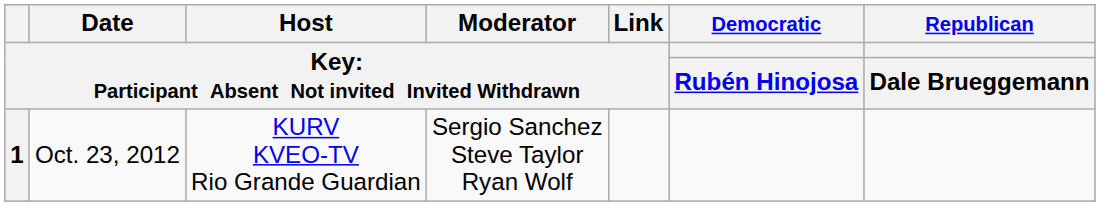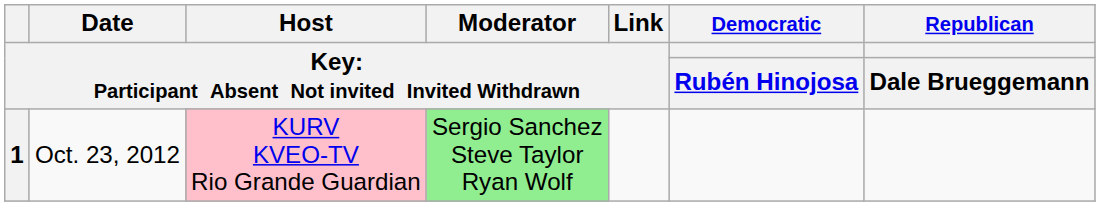 <table class="wikitable" style="text-align:center;">
 <tr>
 <th scope="col"></th>
 <th scope="col">Date</th>
 <th scope="col">Host</th>
 <th scope="col">Moderator</th>
 <th scope="col">Link</th>
 <th scope="col"><small><a href='#'>Democratic</a></small></th>
 <th scope="col"><small><a href='#'>Republican</a></small></th>
 </tr>
 <tr>
 <th colspan="5" rowspan="2">Key:<br> <small>Participant </small>  <small>Absent </small>  <small>Not invited </small>  <small>Invited  Withdrawn</small></th>
 <th scope="col" style="background:"></th>
 <th scope="col" style="background:"></th>
 </tr>
 <tr>
 <th scope="col"><a href='#'>Rubén Hinojosa</a></th>
 <th scope="col">Dale Brueggemann</th>
 </tr>
 <tr>
 <th>1</th>
 <td style="white-space:nowrap;">Oct. 23, 2012</td>
-<td style="white-space:nowrap;"><a href='#'>KURV</a><br><a href='#'>KVEO-TV</a><br>Rio Grande Guardian</td>
-<td style="white-space:nowrap;">Sergio Sanchez<br>Steve Taylor<br>Ryan Wolf</td>
+<td style="background: pink; white-space:nowrap;"><a href='#'>KURV</a><br><a href='#'>KVEO-TV</a><br>Rio Grande Guardian</td>
+<td style="background: lightgreen; white-space:nowrap;">Sergio Sanchez<br>Steve Taylor<br>Ryan Wolf</td>
 <td style="white-space:nowrap;"></td>
 <td></td>
 <td></td>
 </tr>
 </table>
